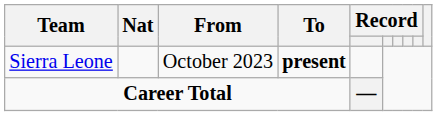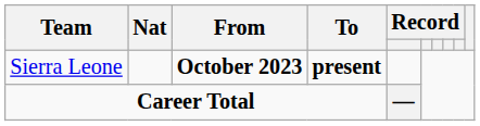 <table class="wikitable" style="text-align: center">
 <tr>
 <th rowspan="2">Team</th>
 <th rowspan="2">Nat</th>
 <th rowspan="2">From</th>
 <th rowspan="2">To</th>
 <th colspan="5">Record</th>
 <th rowspan=2></th>
 </tr>
 <tr>
 <th></th>
 <th></th>
 <th></th>
 <th></th>
 <th></th>
 </tr>
 <tr>
 <td align="left"><a href='#'>Sierra Leone</a></td>
 <td align="center"></td>
-<td align="center">October 2023</td>
+<td align="center"><strong>October 2023</strong></td>
 <td align="center"><strong>present<br></strong></td>
 <td></td>
 </tr>
 <tr>
 <td colspan=4><strong>Career Total</strong><br></td>
 <th>—</th>
 </tr>
 </table>
